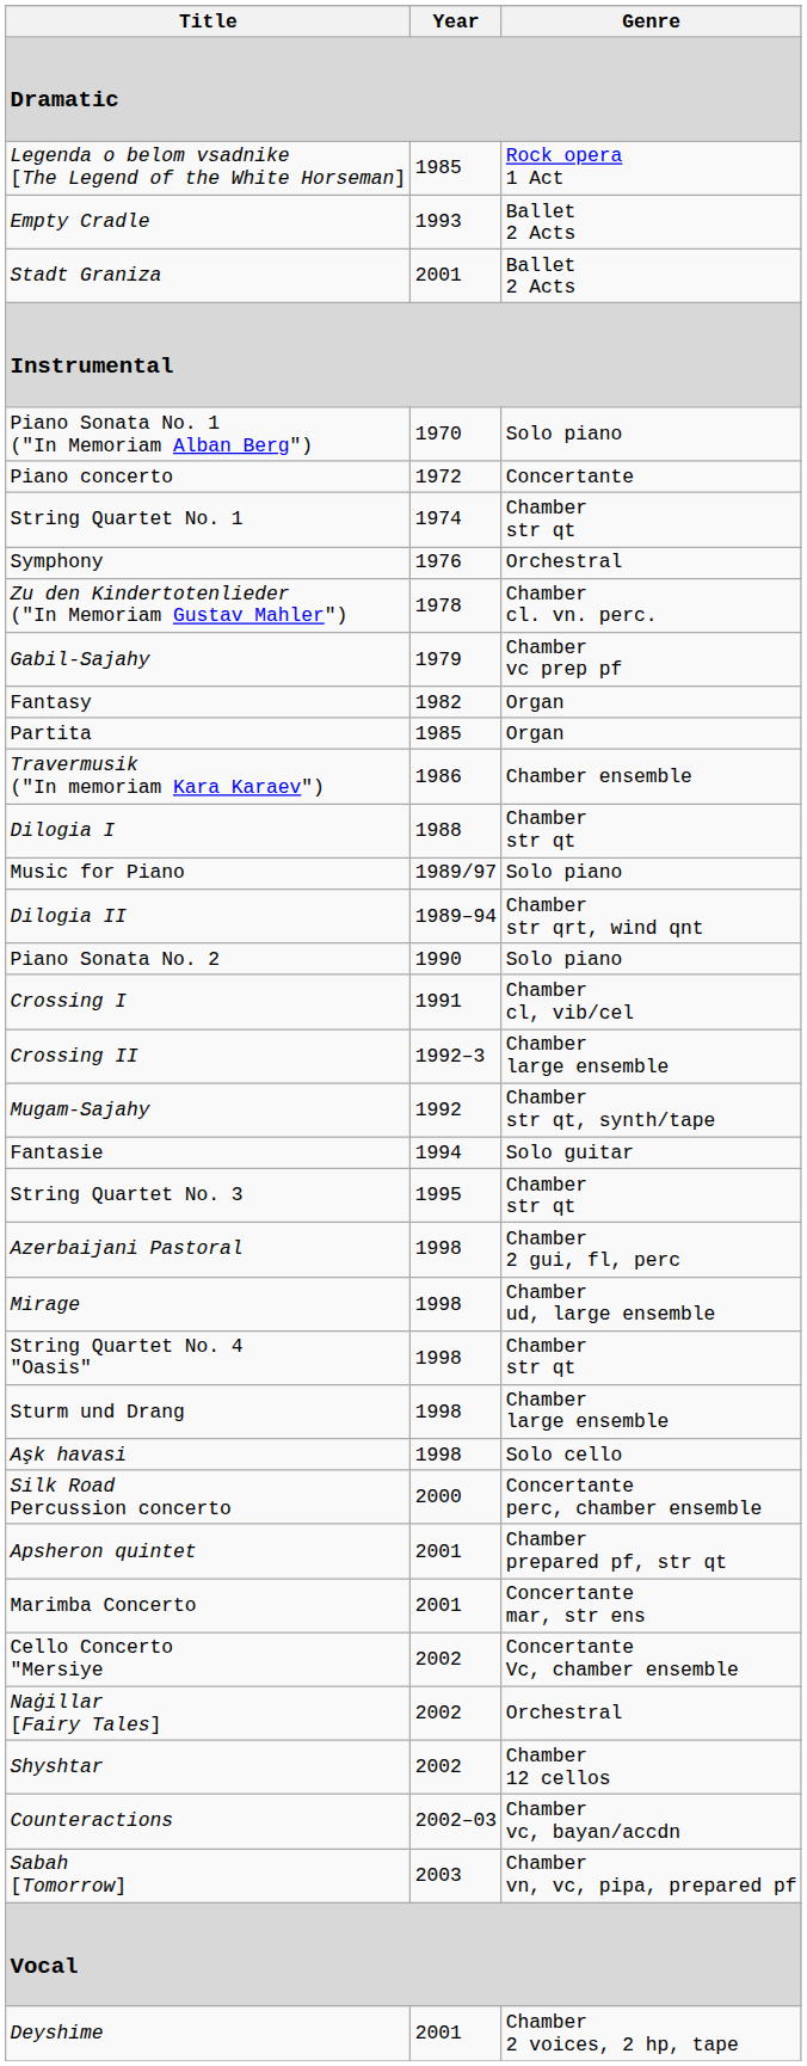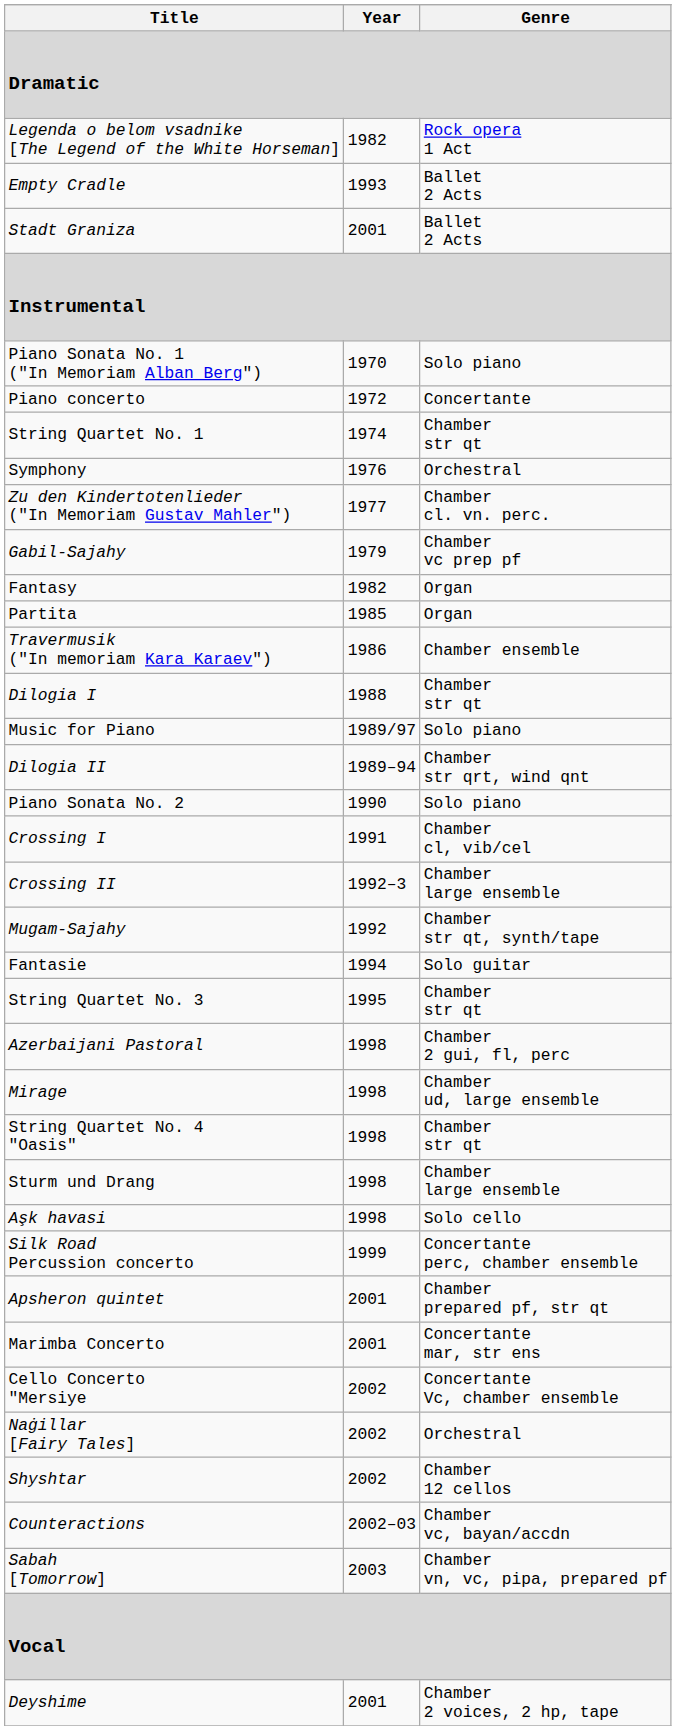 <table class = "wikitable sortable plainrowheaders">
 <tr>
 </tr>
 <tr>
 <th scope="col">Title</th>
 <th scope="col">Year</th>
 <th scope="col">Genre</th>
 </tr>
 <tr>
 <td colspan="3" style="background-color: #D8D8D8" data-sort-value="ZZZZ1A"><br><h3>Dramatic</h3></td>
 </tr>
 <tr>
 <td><em>Legenda o belom vsadnike</em><br>[<em>The Legend of the White Horseman</em>]</td>
-<td>1985<br></td>
+<td>1982<br></td>
 <td><a href='#'>Rock opera</a><br>1 Act</td>
 </tr>
 <tr>
 <td><em>Empty Cradle</em></td>
 <td>1993</td>
 <td>Ballet<br>2 Acts</td>
 </tr>
 <tr>
 <td><em>Stadt Graniza</em></td>
 <td>2001</td>
 <td>Ballet<br>2 Acts</td>
 </tr>
 <tr>
 <td colspan="3" style="background-color: #D8D8D8" data-sort-value="ZZZZ1B"><br><h3>Instrumental</h3></td>
 </tr>
 <tr>
 <td>Piano Sonata No. 1<br>("In Memoriam <a href='#'>Alban Berg</a>")</td>
 <td>1970<br></td>
 <td>Solo piano</td>
 </tr>
 <tr>
 <td>Piano concerto</td>
 <td>1972<br></td>
 <td>Concertante</td>
 </tr>
 <tr>
 <td>String Quartet No. 1</td>
 <td>1974<br></td>
 <td>Chamber<br>str qt</td>
 </tr>
 <tr>
 <td>Symphony</td>
 <td>1976<br></td>
 <td>Orchestral</td>
 </tr>
 <tr>
 <td><em>Zu den Kindertotenlieder</em><br>("In Memoriam <a href='#'>Gustav Mahler</a>")</td>
-<td>1978</td>
+<td>1977</td>
 <td>Chamber<br>cl. vn. perc.</td>
 </tr>
 <tr>
 <td><em>Gabil-Sajahy</em></td>
 <td>1979</td>
 <td>Chamber<br>vc prep pf</td>
 </tr>
 <tr>
 <td>Fantasy</td>
 <td>1982</td>
 <td>Organ</td>
 </tr>
 <tr>
 <td>Partita</td>
 <td>1985</td>
 <td>Organ</td>
 </tr>
 <tr>
 <td><em>Travermusik</em><br>("In memoriam <a href='#'>Kara Karaev</a>")</td>
 <td>1986<br></td>
 <td>Chamber ensemble</td>
 </tr>
 <tr>
 <td><em>Dilogia I</em></td>
 <td>1988</td>
 <td>Chamber<br>str qt</td>
 </tr>
 <tr>
 <td>Music for Piano</td>
 <td>1989/97<br></td>
 <td>Solo piano</td>
 </tr>
 <tr>
 <td><em>Dilogia II</em></td>
 <td>1989–94<br></td>
 <td>Chamber<br>str qrt, wind qnt</td>
 </tr>
 <tr>
 <td>Piano Sonata No. 2</td>
 <td>1990</td>
 <td>Solo piano</td>
 </tr>
 <tr>
 <td><em>Crossing I</em></td>
 <td>1991</td>
 <td>Chamber<br>cl, vib/cel</td>
 </tr>
 <tr>
 <td><em>Crossing II</em></td>
 <td>1992–3</td>
 <td>Chamber<br>large ensemble</td>
 </tr>
 <tr>
 <td><em>Mugam-Sajahy</em></td>
 <td>1992</td>
 <td>Chamber<br>str qt, synth/tape</td>
 </tr>
 <tr>
 <td>Fantasie</td>
 <td>1994</td>
 <td>Solo guitar</td>
 </tr>
 <tr>
 <td>String Quartet No. 3</td>
 <td>1995<br></td>
 <td>Chamber<br>str qt</td>
 </tr>
 <tr>
 <td><em>Azerbaijani Pastoral</em></td>
 <td>1998</td>
 <td>Chamber<br>2 gui, fl, perc</td>
 </tr>
 <tr>
 <td><em>Mirage</em></td>
 <td>1998</td>
 <td>Chamber<br>ud, large ensemble</td>
 </tr>
 <tr>
 <td>String Quartet No. 4<br>"Oasis"</td>
 <td>1998<br></td>
 <td>Chamber<br>str qt</td>
 </tr>
 <tr>
 <td>Sturm und Drang</td>
 <td>1998</td>
 <td>Chamber<br>large ensemble</td>
 </tr>
 <tr>
 <td><em>Aşk havasi</em></td>
 <td>1998</td>
 <td>Solo cello</td>
 </tr>
 <tr>
 <td><em>Silk Road</em><br>Percussion concerto</td>
-<td>2000</td>
+<td>1999</td>
 <td>Concertante<br>perc, chamber ensemble</td>
 </tr>
 <tr>
 <td><em>Apsheron quintet</em></td>
 <td>2001</td>
 <td>Chamber<br>prepared pf, str qt</td>
 </tr>
 <tr>
 <td>Marimba Concerto</td>
 <td>2001</td>
 <td>Concertante<br>mar, str ens</td>
 </tr>
 <tr>
 <td>Cello Concerto<br>"Mersiye</td>
 <td>2002</td>
 <td>Concertante<br>Vc, chamber ensemble</td>
 </tr>
 <tr>
 <td><em>Naġillar</em><br>[<em>Fairy Tales</em>]</td>
 <td>2002</td>
 <td>Orchestral</td>
 </tr>
 <tr>
 <td><em>Shyshtar</em></td>
 <td>2002</td>
 <td>Chamber<br>12 cellos</td>
 </tr>
 <tr>
 <td><em>Counteractions</em></td>
 <td>2002–03</td>
 <td>Chamber<br>vc, bayan/accdn</td>
 </tr>
 <tr>
 <td><em>Sabah</em><br>[<em>Tomorrow</em>]</td>
 <td>2003</td>
 <td>Chamber<br>vn, vc, pipa, prepared pf</td>
 </tr>
 <tr>
 <td colspan="3" style="background-color: #D8D8D8" data-sort-value="ZZZZ1C"><br><h3>Vocal</h3></td>
 </tr>
 <tr>
 <td><em>Deyshime</em></td>
 <td>2001</td>
 <td>Chamber<br>2 voices, 2 hp, tape</td>
 </tr>
 </table>
